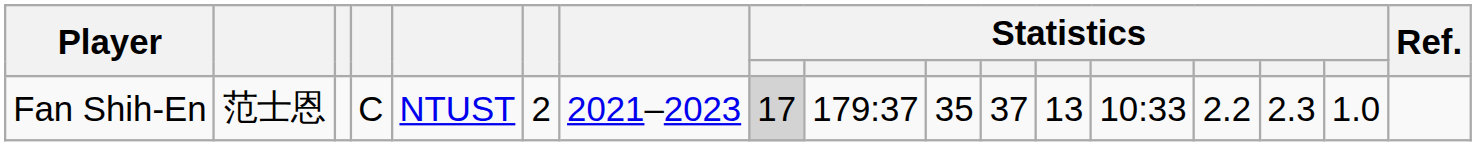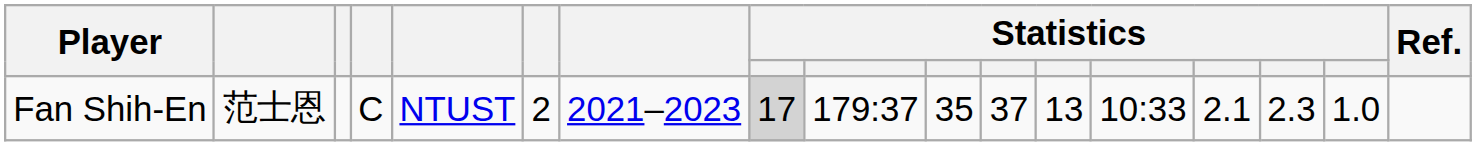 <table class="wikitable sortable" style="font-size:95%; text-align:right;">
 <tr>
 <th rowspan="2">Player</th>
 <th rowspan="2"></th>
 <th rowspan="2"></th>
 <th rowspan="2"></th>
 <th rowspan="2"></th>
 <th rowspan="2"></th>
 <th rowspan="2"></th>
 <th colspan="9">Statistics</th>
 <th rowspan="2">Ref.</th>
 </tr>
 <tr>
 <th></th>
 <th></th>
 <th></th>
 <th></th>
 <th></th>
 <th></th>
 <th></th>
 <th></th>
 <th></th>
 </tr>
 <tr>
 <td align="left">Fan Shih-En</td>
 <td align="left">范士恩</td>
 <td align="center"></td>
 <td align="center">C</td>
 <td align="left"><a href='#'>NTUST</a></td>
 <td align="center">2</td>
 <td align="center"><a href='#'>2021</a>–<a href='#'>2023</a></td>
 <td style="background: lightgrey;">17</td>
 <td>179:37</td>
 <td>35</td>
 <td>37</td>
 <td>13</td>
 <td>10:33</td>
-<td>2.2</td>
+<td>2.1</td>
 <td>2.3</td>
 <td>1.0</td>
 <td align="center"></td>
 </tr>
 </table>
